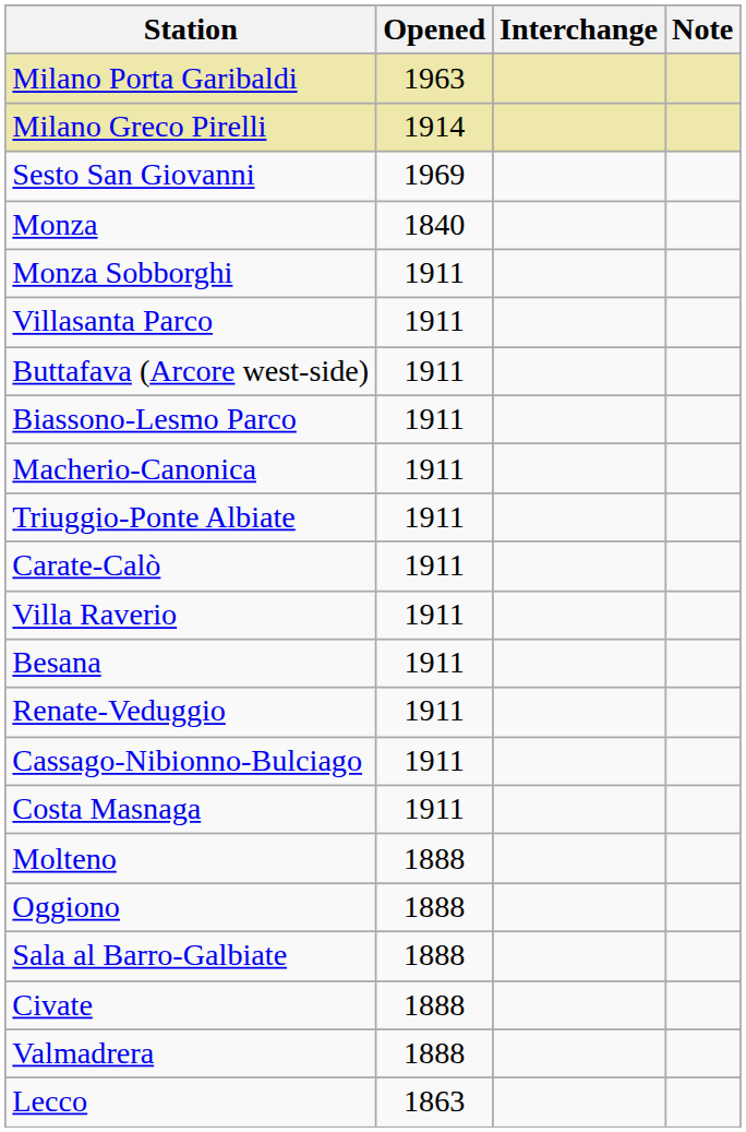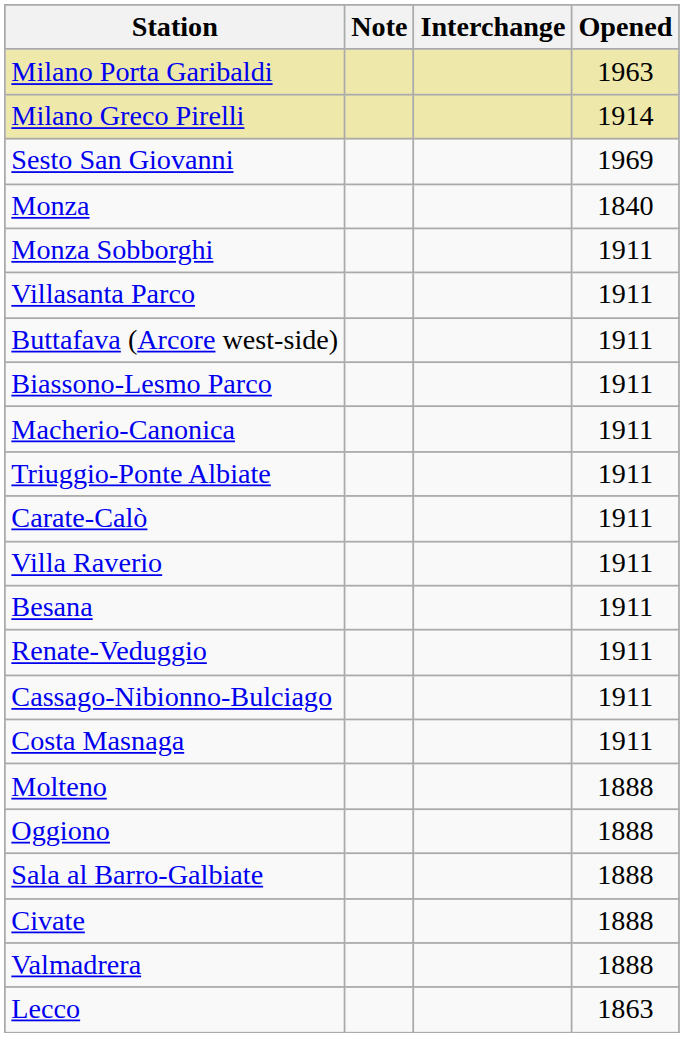 <table class="wikitable" style="text-align:left;">
 <tr>
 <th>Station</th>
+<th>Note</th>
+<th>Interchange</th>
 <th>Opened</th>
-<th>Interchange</th>
-<th>Note</th>
 </tr>
 <tr bgcolor="#eee8aa">
 <td><a href='#'>Milano Porta Garibaldi</a></td>
+<td></td>
+<td> <br>         <a href='#'></a> </td>
 <td align=center>1963</td>
-<td> <br>         <a href='#'></a> </td>
-<td></td>
 </tr>
 <tr bgcolor="#eee8aa">
 <td><a href='#'>Milano Greco Pirelli</a></td>
+<td></td>
+<td><br>   </td>
 <td align=center>1914</td>
-<td><br>   </td>
-<td></td>
 </tr>
 <tr>
 <td><a href='#'>Sesto San Giovanni</a></td>
+<td></td>
+<td> <br>   </td>
 <td align=center>1969</td>
-<td> <br>   </td>
-<td></td>
 </tr>
 <tr>
 <td><a href='#'>Monza</a></td>
+<td></td>
+<td><br>   </td>
 <td align=center>1840</td>
-<td><br>   </td>
-<td></td>
 </tr>
 <tr>
 <td><a href='#'>Monza Sobborghi</a></td>
-<td align=center>1911</td>
 <td></td>
 <td></td>
+<td align=center>1911</td>
 </tr>
 <tr>
 <td><a href='#'>Villasanta Parco</a></td>
-<td align=center>1911</td>
 <td></td>
 <td></td>
+<td align=center>1911</td>
 </tr>
 <tr>
 <td><a href='#'>Buttafava</a> (<a href='#'>Arcore</a> west-side)</td>
-<td align=center>1911</td>
 <td></td>
 <td></td>
+<td align=center>1911</td>
 </tr>
 <tr>
 <td><a href='#'>Biassono-Lesmo Parco</a></td>
-<td align=center>1911</td>
 <td></td>
 <td></td>
+<td align=center>1911</td>
 </tr>
 <tr>
 <td><a href='#'>Macherio-Canonica</a></td>
-<td align=center>1911</td>
 <td></td>
 <td></td>
+<td align=center>1911</td>
 </tr>
 <tr>
 <td><a href='#'>Triuggio-Ponte Albiate</a></td>
-<td align=center>1911</td>
 <td></td>
 <td></td>
+<td align=center>1911</td>
 </tr>
 <tr>
 <td><a href='#'>Carate-Calò</a></td>
-<td align=center>1911</td>
 <td></td>
 <td></td>
+<td align=center>1911</td>
 </tr>
 <tr>
 <td><a href='#'>Villa Raverio</a></td>
-<td align=center>1911</td>
 <td></td>
 <td></td>
+<td align=center>1911</td>
 </tr>
 <tr>
 <td><a href='#'>Besana</a></td>
-<td align=center>1911</td>
 <td></td>
 <td></td>
+<td align=center>1911</td>
 </tr>
 <tr>
 <td><a href='#'>Renate-Veduggio</a></td>
-<td align=center>1911</td>
 <td></td>
 <td></td>
+<td align=center>1911</td>
 </tr>
 <tr>
 <td><a href='#'>Cassago-Nibionno-Bulciago</a></td>
-<td align=center>1911</td>
 <td></td>
 <td></td>
+<td align=center>1911</td>
 </tr>
 <tr>
 <td><a href='#'>Costa Masnaga</a></td>
-<td align=center>1911</td>
 <td></td>
 <td></td>
+<td align=center>1911</td>
 </tr>
 <tr>
 <td><a href='#'>Molteno</a></td>
-<td align=center>1888</td>
 <td></td>
 <td></td>
+<td align=center>1888</td>
 </tr>
 <tr>
 <td><a href='#'>Oggiono</a></td>
-<td align=center>1888</td>
 <td></td>
 <td></td>
+<td align=center>1888</td>
 </tr>
 <tr>
 <td><a href='#'>Sala al Barro-Galbiate</a></td>
-<td align=center>1888</td>
 <td></td>
 <td></td>
+<td align=center>1888</td>
 </tr>
 <tr>
 <td><a href='#'>Civate</a></td>
-<td align=center>1888</td>
 <td></td>
 <td></td>
+<td align=center>1888</td>
 </tr>
 <tr>
 <td><a href='#'>Valmadrera</a></td>
-<td align=center>1888</td>
 <td></td>
 <td></td>
+<td align=center>1888</td>
 </tr>
 <tr>
 <td><a href='#'>Lecco</a></td>
+<td></td>
+<td> </td>
 <td align=center>1863</td>
-<td> </td>
-<td></td>
 </tr>
 </table>
